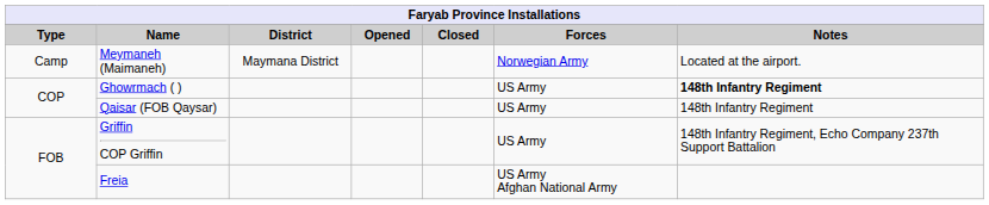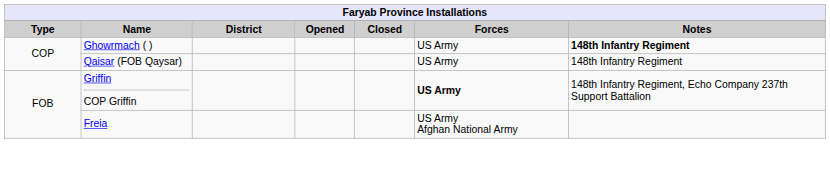 <table class="wikitable sortable" width="100%">
 <tr>
 <th style="align: center; background: lavender" colspan="7"><strong>Faryab Province Installations</strong></th>
 </tr>
 <tr style="background:#efefef; color:black">
 </tr>
 <tr>
 <th style="background-color:#cfcfcf;" align="center" width="9%" align="center">Type</th>
 <th style="background-color:#cfcfcf;" align="center" width="13%">Name</th>
 <th style="background-color:#cfcfcf;" align="center" width="12%">District</th>
 <th style="background-color:#cfcfcf;" align="center" width="7%">Opened</th>
 <th style="background-color:#cfcfcf;" align="center" width="7%">Closed</th>
 <th style="background-color:#cfcfcf;" align="center" width="18%" class="unsortable">Forces</th>
 <th style="background-color:#cfcfcf;" align="center" width="30%" class="unsortable">Notes</th>
-</tr>
-<tr>
-<td align="center">Camp</td>
-<td><a href='#'>Meymaneh</a> (Maimaneh)</td>
-<td align="center">Maymana District</td>
-<td align="center"></td>
-<td align="center"></td>
-<td> <a href='#'>Norwegian Army</a></td>
-<td>Located at the airport.</td>
 </tr>
 <tr>
 <td rowspan="2" align="center">COP</td>
 <td><a href='#'>Ghowrmach</a> ( )</td>
 <td align="center"></td>
 <td align="center"></td>
 <td align="center"></td>
 <td> US Army</td>
 <td><strong> 148th Infantry Regiment</strong></td>
 </tr>
 <tr>
 <td><a href='#'>Qaisar</a> (FOB Qaysar)</td>
 <td align="center"></td>
 <td align="center"></td>
 <td align="center"></td>
 <td> US Army</td>
 <td> 148th Infantry Regiment</td>
 </tr>
 <tr>
 <td rowspan="2" align="center">FOB</td>
 <td><a href='#'>Griffin</a><hr>COP Griffin</td>
 <td align="center"></td>
 <td align="center"></td>
 <td align="center"></td>
-<td> US Army</td>
+<td><strong> US Army</strong></td>
 <td> 148th Infantry Regiment, Echo Company 237th Support Battalion</td>
 </tr>
 <tr>
 <td><a href='#'>Freia</a></td>
 <td align="center"></td>
 <td align="center"></td>
 <td align="center"></td>
 <td> US Army <br> Afghan National Army</td>
 <td></td>
 </tr>
 </table>
